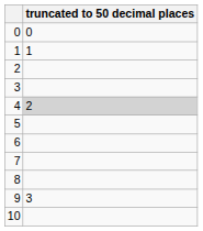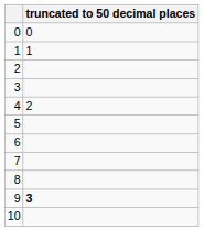 <table class="wikitable">
 <tr>
 <th></th>
 <th> truncated to 50 decimal places</th>
 </tr>
 <tr>
 <td align="right">0</td>
 <td>0</td>
 </tr>
 <tr>
 <td align="right">1</td>
 <td>1</td>
 </tr>
 <tr>
 <td align="right">2</td>
 <td><a href='#'></a></td>
 </tr>
 <tr>
 <td align="right">3</td>
 <td><a href='#'></a></td>
 </tr>
 <tr>
 <td align="right">4</td>
-<td style="background: lightgrey;">2</td>
+<td>2</td>
 </tr>
 <tr>
 <td align="right">5</td>
 <td><a href='#'></a></td>
 </tr>
 <tr>
 <td align="right">6</td>
 <td><a href='#'></a></td>
 </tr>
 <tr>
 <td align="right">7</td>
 <td><a href='#'></a></td>
 </tr>
 <tr>
 <td align="right">8</td>
 <td></td>
 </tr>
 <tr>
 <td align="right">9</td>
-<td>3</td>
+<td><strong>3</strong></td>
 </tr>
 <tr>
 <td align="right">10</td>
 <td></td>
 </tr>
 </table>
